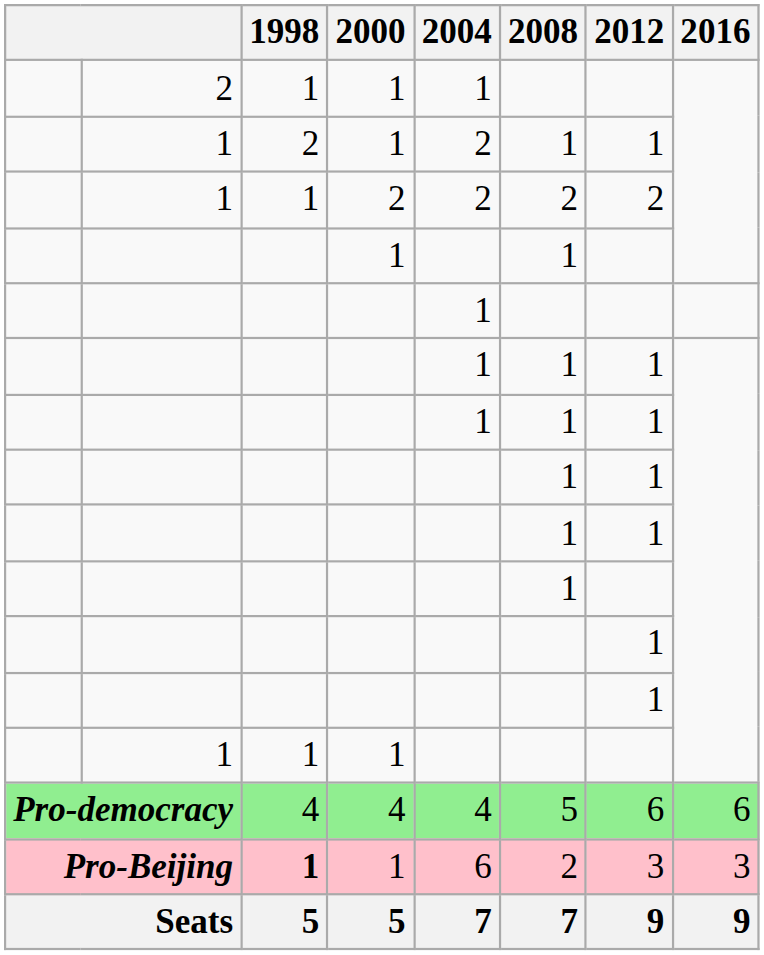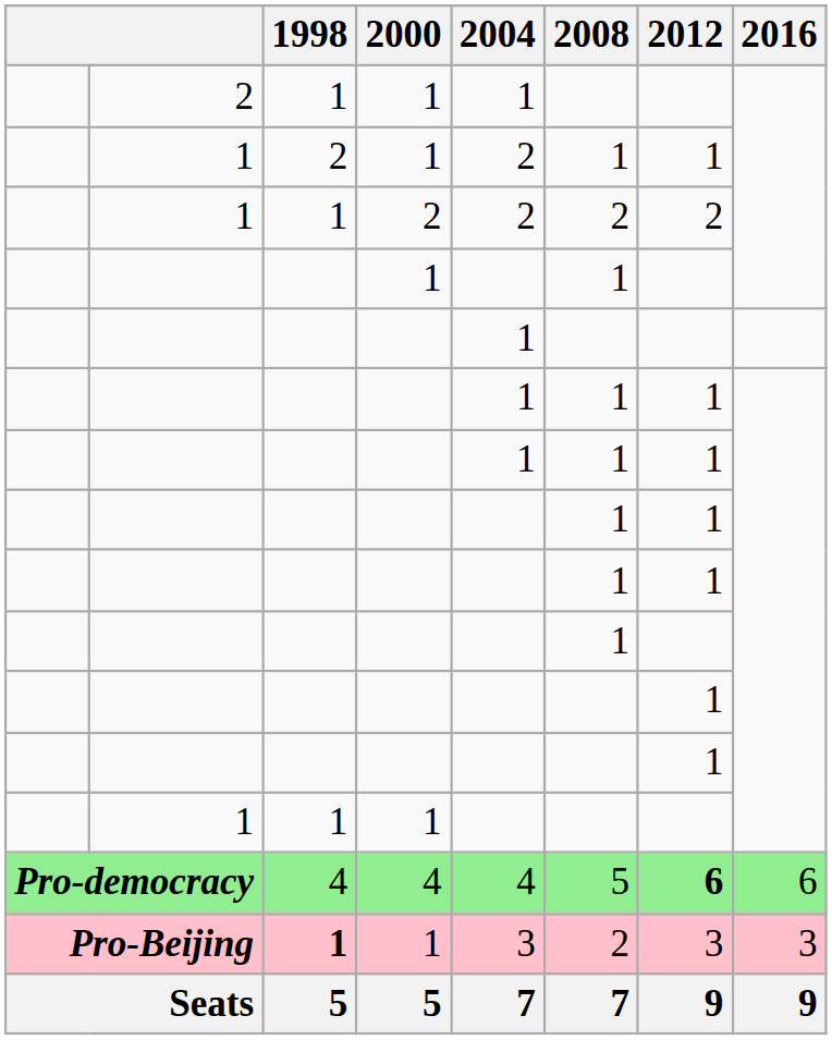 <table class="wikitable" style="text-align: right;">
 <tr bgcolor="#CCCCCC">
 <th colspan=2></th>
 <th>1998</th>
 <th>2000</th>
 <th>2004</th>
 <th>2008</th>
 <th>2012</th>
 <th>2016</th>
 </tr>
 <tr>
 <td></td>
 <td>2</td>
 <td>1</td>
 <td>1</td>
 <td>1</td>
 <td></td>
 <td></td>
 </tr>
 <tr>
 <td></td>
 <td>1</td>
 <td>2</td>
 <td>1</td>
 <td>2</td>
 <td>1</td>
 <td>1</td>
 </tr>
 <tr>
 <td></td>
 <td>1</td>
 <td>1</td>
 <td>2</td>
 <td>2</td>
 <td>2</td>
 <td>2</td>
 </tr>
 <tr>
 <td></td>
 <td></td>
 <td></td>
 <td>1</td>
 <td></td>
 <td>1</td>
 <td></td>
 </tr>
 <tr>
 <td></td>
 <td></td>
 <td></td>
 <td></td>
 <td>1</td>
 <td></td>
 <td></td>
 <td></td>
 </tr>
 <tr>
 <td></td>
 <td></td>
 <td></td>
 <td></td>
 <td>1</td>
 <td>1</td>
 <td>1</td>
 </tr>
 <tr>
 <td></td>
 <td></td>
 <td></td>
 <td></td>
 <td>1</td>
 <td>1</td>
 <td>1</td>
 </tr>
 <tr>
 <td></td>
 <td></td>
 <td></td>
 <td></td>
 <td></td>
 <td>1</td>
 <td>1</td>
 </tr>
 <tr>
 <td></td>
 <td></td>
 <td></td>
 <td></td>
 <td></td>
 <td>1</td>
 <td>1</td>
 </tr>
 <tr>
 <td></td>
 <td></td>
 <td></td>
 <td></td>
 <td></td>
 <td>1</td>
 <td></td>
 </tr>
 <tr>
 <td></td>
 <td></td>
 <td></td>
 <td></td>
 <td></td>
 <td></td>
 <td>1</td>
 </tr>
 <tr>
 <td></td>
 <td></td>
 <td></td>
 <td></td>
 <td></td>
 <td></td>
 <td>1</td>
 </tr>
 <tr>
 <td></td>
 <td>1</td>
 <td>1</td>
 <td>1</td>
 <td></td>
 <td></td>
 <td></td>
 </tr>
 <tr bgcolor=lightgreen>
 <td colspan=2><strong><em>Pro-democracy</em></strong></td>
 <td>4</td>
 <td>4</td>
 <td>4</td>
 <td>5</td>
-<td>6</td>
+<td><strong>6</strong></td>
 <td>6</td>
 </tr>
 <tr bgcolor=pink>
 <td colspan=2><strong><em>Pro-Beijing</em></strong></td>
 <td><strong>1</strong></td>
 <td>1</td>
-<td>6</td>
+<td>3</td>
 <td>2</td>
 <td>3</td>
 <td>3</td>
 </tr>
 <tr class="sortbottom" bgcolor="#F2F2F2">
 <td colspan=2><strong>Seats</strong></td>
 <td><strong>5</strong></td>
 <td><strong>5</strong></td>
 <td><strong>7</strong></td>
 <td><strong>7</strong></td>
 <td><strong>9</strong></td>
 <td><strong>9</strong></td>
 </tr>
 </table>
